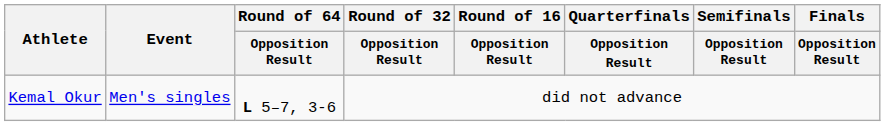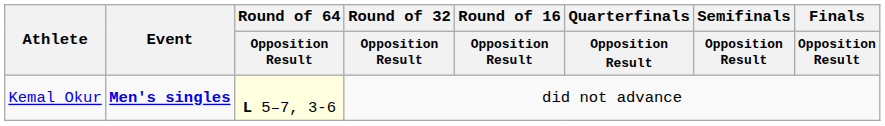 <table class=wikitable style="font-size:90%">
 <tr>
 <th rowspan="2">Athlete</th>
 <th rowspan="2">Event</th>
 <th>Round of 64</th>
 <th>Round of 32</th>
 <th>Round of 16</th>
 <th>Quarterfinals</th>
 <th>Semifinals</th>
 <th>Finals</th>
 </tr>
 <tr>
 <th style="line-height:1em"><small>Opposition<br>Result</small></th>
 <th style="line-height:1em"><small>Opposition<br>Result</small></th>
 <th style="line-height:1em"><small>Opposition<br>Result</small></th>
 <th style=”line-height:1em”><small>Opposition<br>Result</small></th>
 <th style="line-height:1em"><small>Opposition<br>Result</small></th>
 <th style="line-height:1em"><small>Opposition<br>Result</small></th>
 </tr>
 <tr>
 <td><a href='#'>Kemal Okur</a></td>
-<td><a href='#'>Men's singles</a></td>
-<td style="text-align:center;"><br><strong>L</strong> 5–7, 3-6</td>
+<td><strong><a href='#'>Men's singles</a></strong></td>
+<td style="background: lightyellow; text-align:center;"><br><strong>L</strong> 5–7, 3-6</td>
 <td style="text-align:center;" colspan="5">did not advance</td>
 </tr>
 </table>
